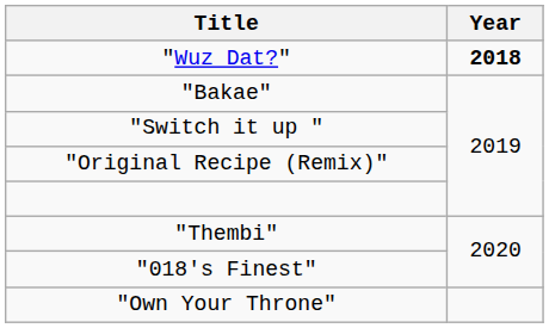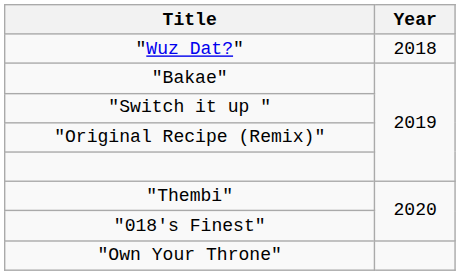 <table class="wikitable plainrowheaders" style="text-align:center;" border="1">
 <tr>
 <th style="width:20em;">Title</th>
 <th style="width:4em;">Year</th>
 </tr>
 <tr>
 <td>"<a href='#'>Wuz Dat?</a>" <br> </td>
-<td><strong>2018</strong></td>
+<td>2018</td>
 </tr>
 <tr>
 <td>"Bakae"</td>
 <td rowspan="4">2019</td>
 </tr>
 <tr>
 <td>"Switch it up " <br> </td>
 </tr>
 <tr>
 <td>"Original Recipe (Remix)" <br> </td>
 </tr>
 <tr>
 <td> <br> </td>
 </tr>
 <tr>
 <td>"Thembi" <br> </td>
 <td rowspan="2">2020</td>
 </tr>
 <tr>
 <td>"018's Finest" <br> </td>
 </tr>
 <tr>
 <td>"Own Your Throne" <br></td>
 </tr>
 </table>
